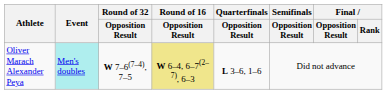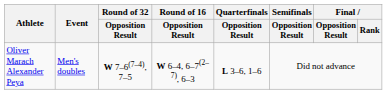 <table class="wikitable" style="font-size:90%;">
 <tr>
 <th rowspan=2>Athlete</th>
 <th rowspan=2>Event</th>
 <th>Round of 32</th>
 <th>Round of 16</th>
 <th>Quarterfinals</th>
 <th>Semifinals</th>
 <th colspan=2>Final / </th>
 </tr>
 <tr style="font-size:95%">
 <th>Opposition<br>Result</th>
 <th>Opposition<br>Result</th>
 <th>Opposition<br>Result</th>
 <th>Opposition<br>Result</th>
 <th>Opposition<br>Result</th>
 <th>Rank</th>
 </tr>
 <tr align=center>
 <td align=left><a href='#'>Oliver Marach</a><br><a href='#'>Alexander Peya</a></td>
-<td align=left style="background: paleturquoise;"><a href='#'>Men's doubles</a></td>
+<td align=left><a href='#'>Men's doubles</a></td>
 <td><br><strong>W</strong> 7–6<sup>(7–4)</sup>, 7–5</td>
-<td style="background: khaki;"><br><strong>W</strong> 6–4, 6–7<sup>(2–7)</sup>, 6–3</td>
+<td><br><strong>W</strong> 6–4, 6–7<sup>(2–7)</sup>, 6–3</td>
 <td><br><strong>L</strong> 3–6, 1–6</td>
 <td colspan=3>Did not advance</td>
 </tr>
 </table>
